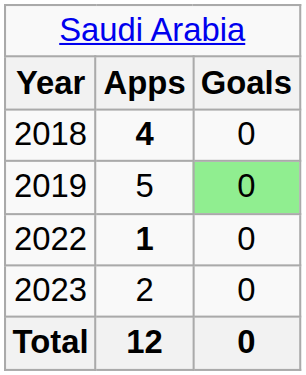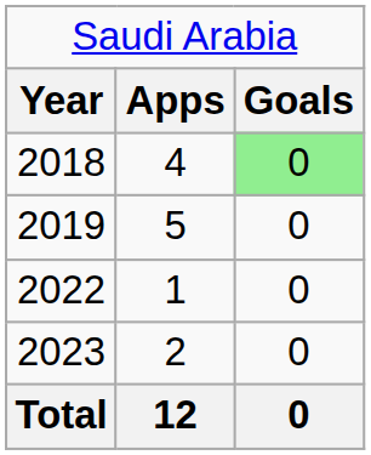 <table class="wikitable" style="text-align:center">
 <tr>
 <td colspan=5><a href='#'>Saudi Arabia</a></td>
 </tr>
 <tr>
 <th>Year</th>
 <th>Apps</th>
 <th>Goals</th>
 </tr>
 <tr>
 <td>2018</td>
-<td><strong>4</strong></td>
-<td>0</td>
+<td>4</td>
+<td style="background: lightgreen;">0</td>
 </tr>
 <tr>
 <td>2019</td>
 <td>5</td>
-<td style="background: lightgreen;">0</td>
+<td>0</td>
 </tr>
 <tr>
 <td>2022</td>
-<td><strong>1</strong></td>
+<td>1</td>
 <td>0</td>
 </tr>
 <tr>
 <td>2023</td>
 <td>2</td>
 <td>0</td>
 </tr>
 <tr>
 <th>Total</th>
 <th>12</th>
 <th>0</th>
 </tr>
 </table>
